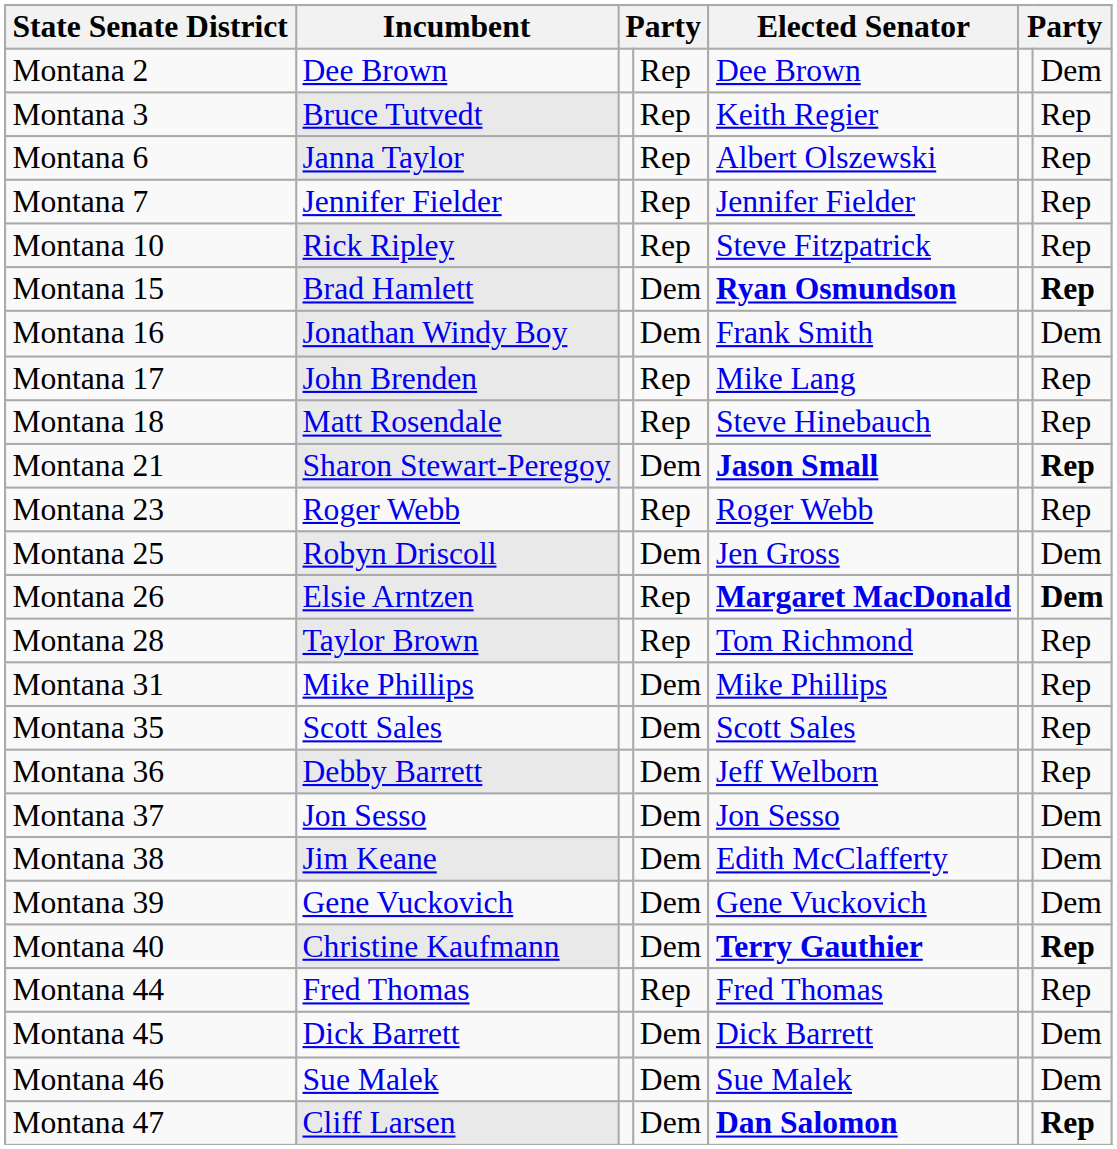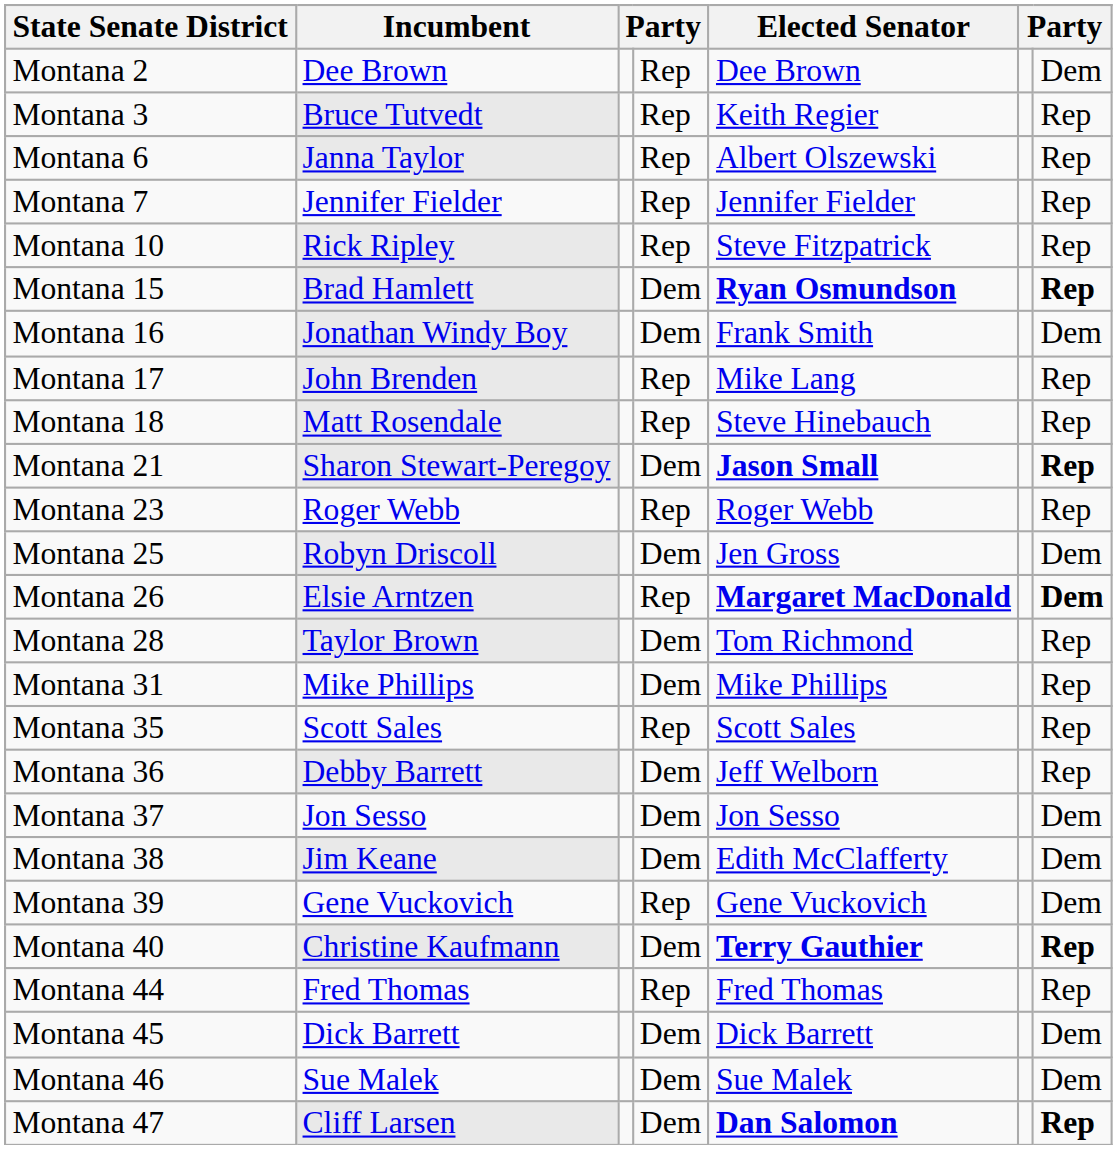 <table class="sortable wikitable" style="font-size:95%;line-height:14px;">
 <tr>
 <th colspan="1">State Senate District</th>
 <th class="unsortable">Incumbent</th>
 <th colspan="2">Party</th>
 <th class="unsortable">Elected Senator</th>
 <th colspan="2">Party</th>
 </tr>
 <tr>
 <td>Montana 2</td>
 <td><a href='#'>Dee Brown</a></td>
 <td style="background:"></td>
 <td>Rep</td>
 <td><a href='#'>Dee Brown</a></td>
 <td style="background:"></td>
 <td>Dem</td>
 </tr>
 <tr>
 <td>Montana 3</td>
 <td style="background:#E9E9E9;"><a href='#'>Bruce Tutvedt</a></td>
 <td style="background:"></td>
 <td>Rep</td>
 <td><a href='#'>Keith Regier</a></td>
 <td style="background:"></td>
 <td>Rep</td>
 </tr>
 <tr>
 <td>Montana 6</td>
 <td style="background:#E9E9E9;"><a href='#'>Janna Taylor</a></td>
 <td style="background:"></td>
 <td>Rep</td>
 <td><a href='#'>Albert Olszewski</a></td>
 <td style="background:"></td>
 <td>Rep</td>
 </tr>
 <tr>
 <td>Montana 7</td>
 <td><a href='#'>Jennifer Fielder</a></td>
 <td style="background:"></td>
 <td>Rep</td>
 <td><a href='#'>Jennifer Fielder</a></td>
 <td style="background:"></td>
 <td>Rep</td>
 </tr>
 <tr>
 <td>Montana 10</td>
 <td style="background:#E9E9E9;"><a href='#'>Rick Ripley</a></td>
 <td style="background:"></td>
 <td>Rep</td>
 <td><a href='#'>Steve Fitzpatrick</a></td>
 <td style="background:"></td>
 <td>Rep</td>
 </tr>
 <tr>
 <td>Montana 15</td>
 <td style="background:#E9E9E9;"><a href='#'>Brad Hamlett</a></td>
 <td style="background:"></td>
 <td>Dem</td>
 <td><strong><a href='#'>Ryan Osmundson</a></strong></td>
 <td style="background:"></td>
 <td><strong>Rep</strong></td>
 </tr>
 <tr>
 <td>Montana 16</td>
 <td style="background:#E9E9E9;"><a href='#'>Jonathan Windy Boy</a></td>
 <td style="background:"></td>
 <td>Dem</td>
 <td><a href='#'>Frank Smith</a></td>
 <td style="background:"></td>
 <td>Dem</td>
 </tr>
 <tr>
 <td>Montana 17</td>
 <td style="background:#E9E9E9;"><a href='#'>John Brenden</a></td>
 <td style="background:"></td>
 <td>Rep</td>
 <td><a href='#'>Mike Lang</a></td>
 <td style="background:"></td>
 <td>Rep</td>
 </tr>
 <tr>
 <td>Montana 18</td>
 <td style="background:#E9E9E9;"><a href='#'>Matt Rosendale</a></td>
 <td style="background:"></td>
 <td>Rep</td>
 <td><a href='#'>Steve Hinebauch</a></td>
 <td style="background:"></td>
 <td>Rep</td>
 </tr>
 <tr>
 <td>Montana 21</td>
 <td style="background:#E9E9E9;"><a href='#'>Sharon Stewart-Peregoy</a></td>
 <td style="background:"></td>
 <td>Dem</td>
 <td><strong><a href='#'>Jason Small</a></strong></td>
 <td style="background:"></td>
 <td><strong>Rep</strong></td>
 </tr>
 <tr>
 <td>Montana 23</td>
 <td><a href='#'>Roger Webb</a></td>
 <td style="background:"></td>
 <td>Rep</td>
 <td><a href='#'>Roger Webb</a></td>
 <td style="background:"></td>
 <td>Rep</td>
 </tr>
 <tr>
 <td>Montana 25</td>
 <td style="background:#E9E9E9;"><a href='#'>Robyn Driscoll</a></td>
 <td style="background:"></td>
 <td>Dem</td>
 <td><a href='#'>Jen Gross</a></td>
 <td style="background:"></td>
 <td>Dem</td>
 </tr>
 <tr>
 <td>Montana 26</td>
 <td style="background:#E9E9E9;"><a href='#'>Elsie Arntzen</a></td>
 <td style="background:"></td>
 <td>Rep</td>
 <td><strong><a href='#'>Margaret MacDonald</a></strong></td>
 <td style="background:"></td>
 <td><strong>Dem</strong></td>
 </tr>
 <tr>
 <td>Montana 28</td>
 <td style="background:#E9E9E9;"><a href='#'>Taylor Brown</a></td>
 <td style="background:"></td>
-<td>Rep</td>
+<td>Dem</td>
 <td><a href='#'>Tom Richmond</a></td>
 <td style="background:"></td>
 <td>Rep</td>
 </tr>
 <tr>
 <td>Montana 31</td>
 <td><a href='#'>Mike Phillips</a></td>
 <td style="background:"></td>
 <td>Dem</td>
 <td><a href='#'>Mike Phillips</a></td>
 <td style="background:"></td>
 <td>Rep</td>
 </tr>
 <tr>
 <td>Montana 35</td>
 <td><a href='#'>Scott Sales</a></td>
 <td style="background:"></td>
-<td>Dem</td>
+<td>Rep</td>
 <td><a href='#'>Scott Sales</a></td>
 <td style="background:"></td>
 <td>Rep</td>
 </tr>
 <tr>
 <td>Montana 36</td>
 <td style="background:#E9E9E9;"><a href='#'>Debby Barrett</a></td>
 <td style="background:"></td>
 <td>Dem</td>
 <td><a href='#'>Jeff Welborn</a></td>
 <td style="background:"></td>
 <td>Rep</td>
 </tr>
 <tr>
 <td>Montana 37</td>
 <td><a href='#'>Jon Sesso</a></td>
 <td style="background:"></td>
 <td>Dem</td>
 <td><a href='#'>Jon Sesso</a></td>
 <td style="background:"></td>
 <td>Dem</td>
 </tr>
 <tr>
 <td>Montana 38</td>
 <td style="background:#E9E9E9;"><a href='#'>Jim Keane</a></td>
 <td style="background:"></td>
 <td>Dem</td>
 <td><a href='#'>Edith McClafferty</a></td>
 <td style="background:"></td>
 <td>Dem</td>
 </tr>
 <tr>
 <td>Montana 39</td>
 <td><a href='#'>Gene Vuckovich</a></td>
 <td style="background:"></td>
-<td>Dem</td>
+<td>Rep</td>
 <td><a href='#'>Gene Vuckovich</a></td>
 <td style="background:"></td>
 <td>Dem</td>
 </tr>
 <tr>
 <td>Montana 40</td>
 <td style="background:#E9E9E9;"><a href='#'>Christine Kaufmann</a></td>
 <td style="background:"></td>
 <td>Dem</td>
 <td><strong><a href='#'>Terry Gauthier</a></strong></td>
 <td style="background:"></td>
 <td><strong>Rep</strong></td>
 </tr>
 <tr>
 <td>Montana 44</td>
 <td><a href='#'>Fred Thomas</a></td>
 <td style="background:"></td>
 <td>Rep</td>
 <td><a href='#'>Fred Thomas</a></td>
 <td style="background:"></td>
 <td>Rep</td>
 </tr>
 <tr>
 <td>Montana 45</td>
 <td><a href='#'>Dick Barrett</a></td>
 <td style="background:"></td>
 <td>Dem</td>
 <td><a href='#'>Dick Barrett</a></td>
 <td style="background:"></td>
 <td>Dem</td>
 </tr>
 <tr>
 <td>Montana 46</td>
 <td><a href='#'>Sue Malek</a></td>
 <td style="background:"></td>
 <td>Dem</td>
 <td><a href='#'>Sue Malek</a></td>
 <td style="background:"></td>
 <td>Dem</td>
 </tr>
 <tr>
 <td>Montana 47</td>
 <td style="background:#E9E9E9;"><a href='#'>Cliff Larsen</a></td>
 <td style="background:"></td>
 <td>Dem</td>
 <td><strong><a href='#'>Dan Salomon</a></strong></td>
 <td style="background:"></td>
 <td><strong>Rep</strong></td>
 </tr>
 </table>
